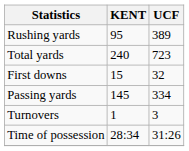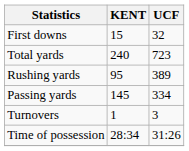 <table class="wikitable" style="float: left;">
 <tr>
 <th>Statistics</th>
 <th>KENT</th>
 <th>UCF</th>
 </tr>
 <tr>
-<td>Rushing yards</td>
-<td>95</td>
-<td>389</td>
+<td>First downs</td>
+<td>15</td>
+<td>32</td>
 </tr>
 <tr>
 <td>Total yards</td>
 <td>240</td>
 <td>723</td>
 </tr>
 <tr>
-<td>First downs</td>
-<td>15</td>
-<td>32</td>
+<td>Rushing yards</td>
+<td>95</td>
+<td>389</td>
 </tr>
 <tr>
 <td>Passing yards</td>
 <td>145</td>
 <td>334</td>
 </tr>
 <tr>
 <td>Turnovers</td>
 <td>1</td>
 <td>3</td>
 </tr>
 <tr>
 <td>Time of possession</td>
 <td>28:34</td>
 <td>31:26</td>
 </tr>
 <tr>
 </tr>
 </table>
